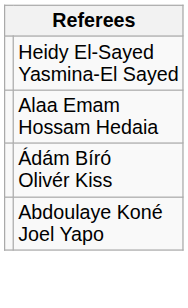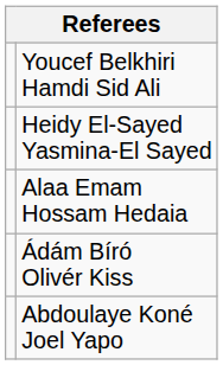 <table class="wikitable" style="display:inline-table;">
 <tr>
 <th colspan="2">Referees</th>
+</tr>
+<tr>
+<td></td>
+<td>Youcef Belkhiri<br>Hamdi Sid Ali</td>
 </tr>
 <tr>
 <td></td>
 <td>Heidy El-Sayed<br>Yasmina-El Sayed</td>
 </tr>
 <tr>
 <td></td>
 <td>Alaa Emam<br>Hossam Hedaia</td>
 </tr>
 <tr>
 <td></td>
 <td>Ádám Bíró<br>Olivér Kiss</td>
 </tr>
 <tr>
 <td></td>
 <td>Abdoulaye Koné<br>Joel Yapo</td>
 </tr>
 </table>
